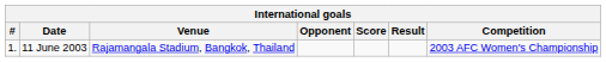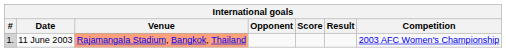 <table class="wikitable" style="font-size:90%; text-align:left;">
 <tr>
 <th colspan="7"><strong>International goals</strong></th>
 </tr>
 <tr>
 <th>#</th>
 <th>Date</th>
 <th>Venue</th>
 <th>Opponent</th>
 <th>Score</th>
 <th>Result</th>
 <th>Competition</th>
 </tr>
 <tr>
-<td>1.</td>
+<td style="background: lightgrey;">1.</td>
 <td>11 June 2003</td>
-<td><a href='#'>Rajamangala Stadium</a>, <a href='#'>Bangkok</a>, <a href='#'>Thailand</a></td>
+<td style="background: lightsalmon;"><a href='#'>Rajamangala Stadium</a>, <a href='#'>Bangkok</a>, <a href='#'>Thailand</a></td>
 <td></td>
 <td></td>
 <td></td>
 <td><a href='#'>2003 AFC Women's Championship</a></td>
 </tr>
 </table>
